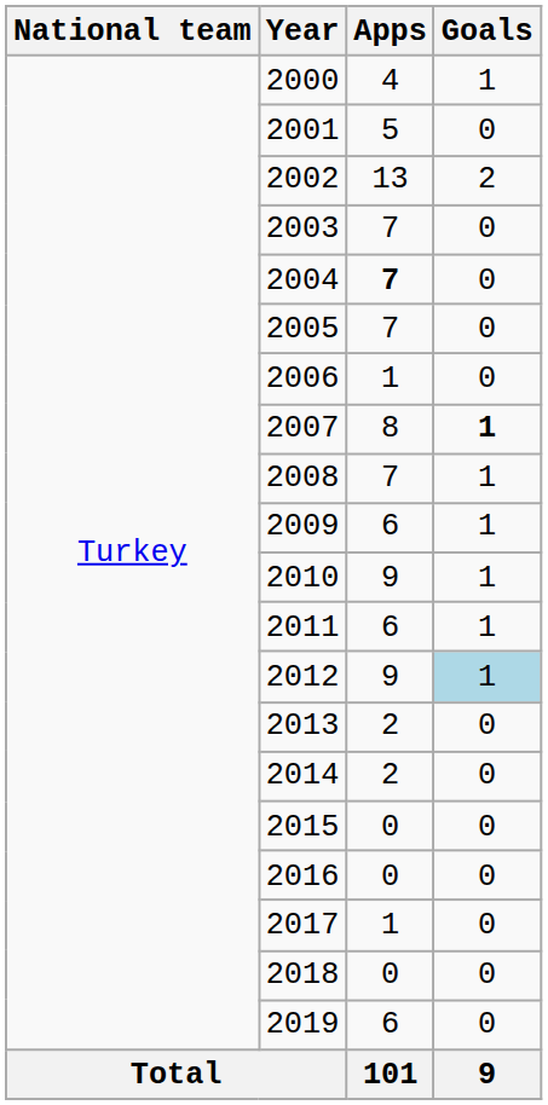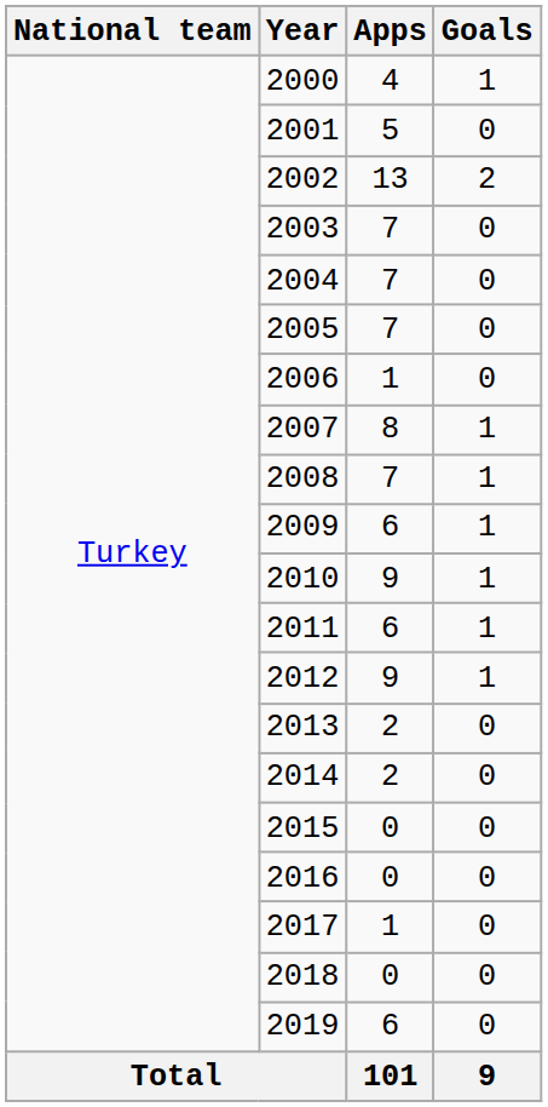 <table class="wikitable" style="text-align:center">
 <tr>
 <th>National team</th>
 <th>Year</th>
 <th>Apps</th>
 <th>Goals</th>
 </tr>
 <tr>
 <td rowspan="20"><a href='#'>Turkey</a></td>
 <td>2000</td>
 <td>4</td>
 <td>1</td>
 </tr>
 <tr>
 <td>2001</td>
 <td>5</td>
 <td>0</td>
 </tr>
 <tr>
 <td>2002</td>
 <td>13</td>
 <td>2</td>
 </tr>
 <tr>
 <td>2003</td>
 <td>7</td>
 <td>0</td>
 </tr>
 <tr>
 <td>2004</td>
-<td><strong>7</strong></td>
+<td>7</td>
 <td>0</td>
 </tr>
 <tr>
 <td>2005</td>
 <td>7</td>
 <td>0</td>
 </tr>
 <tr>
 <td>2006</td>
 <td>1</td>
 <td>0</td>
 </tr>
 <tr>
 <td>2007</td>
 <td>8</td>
-<td><strong>1</strong></td>
+<td>1</td>
 </tr>
 <tr>
 <td>2008</td>
 <td>7</td>
 <td>1</td>
 </tr>
 <tr>
 <td>2009</td>
 <td>6</td>
 <td>1</td>
 </tr>
 <tr>
 <td>2010</td>
 <td>9</td>
 <td>1</td>
 </tr>
 <tr>
 <td>2011</td>
 <td>6</td>
 <td>1</td>
 </tr>
 <tr>
 <td>2012</td>
 <td>9</td>
-<td style="background: lightblue;">1</td>
+<td>1</td>
 </tr>
 <tr>
 <td>2013</td>
 <td>2</td>
 <td>0</td>
 </tr>
 <tr>
 <td>2014</td>
 <td>2</td>
 <td>0</td>
 </tr>
 <tr>
 <td>2015</td>
 <td>0</td>
 <td>0</td>
 </tr>
 <tr>
 <td>2016</td>
 <td>0</td>
 <td>0</td>
 </tr>
 <tr>
 <td>2017</td>
 <td>1</td>
 <td>0</td>
 </tr>
 <tr>
 <td>2018</td>
 <td>0</td>
 <td>0</td>
 </tr>
 <tr>
 <td>2019</td>
 <td>6</td>
 <td>0</td>
 </tr>
 <tr>
 <th colspan="2">Total</th>
 <th>101</th>
 <th>9</th>
 </tr>
 </table>
